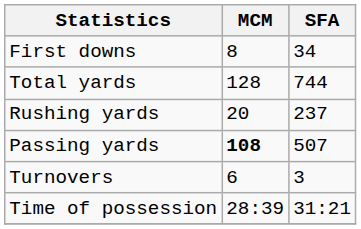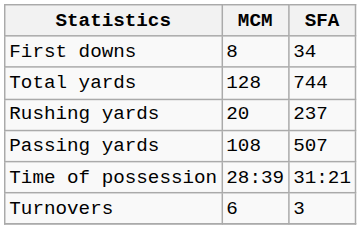 <table class="wikitable">
 <tr>
 <th>Statistics</th>
 <th>MCM</th>
 <th>SFA</th>
 </tr>
 <tr>
 <td>First downs</td>
 <td>8</td>
 <td>34</td>
 </tr>
 <tr>
 <td>Total yards</td>
 <td>128</td>
 <td>744</td>
 </tr>
 <tr>
 <td>Rushing yards</td>
 <td>20</td>
 <td>237</td>
 </tr>
 <tr>
 <td>Passing yards</td>
-<td><strong>108</strong></td>
+<td>108</td>
 <td>507</td>
+</tr>
+<tr>
+<td>Time of possession</td>
+<td>28:39</td>
+<td>31:21</td>
 </tr>
 <tr>
 <td>Turnovers</td>
 <td>6</td>
 <td>3</td>
 </tr>
 <tr>
-<td>Time of possession</td>
-<td>28:39</td>
-<td>31:21</td>
-</tr>
-<tr>
 </tr>
 </table>
